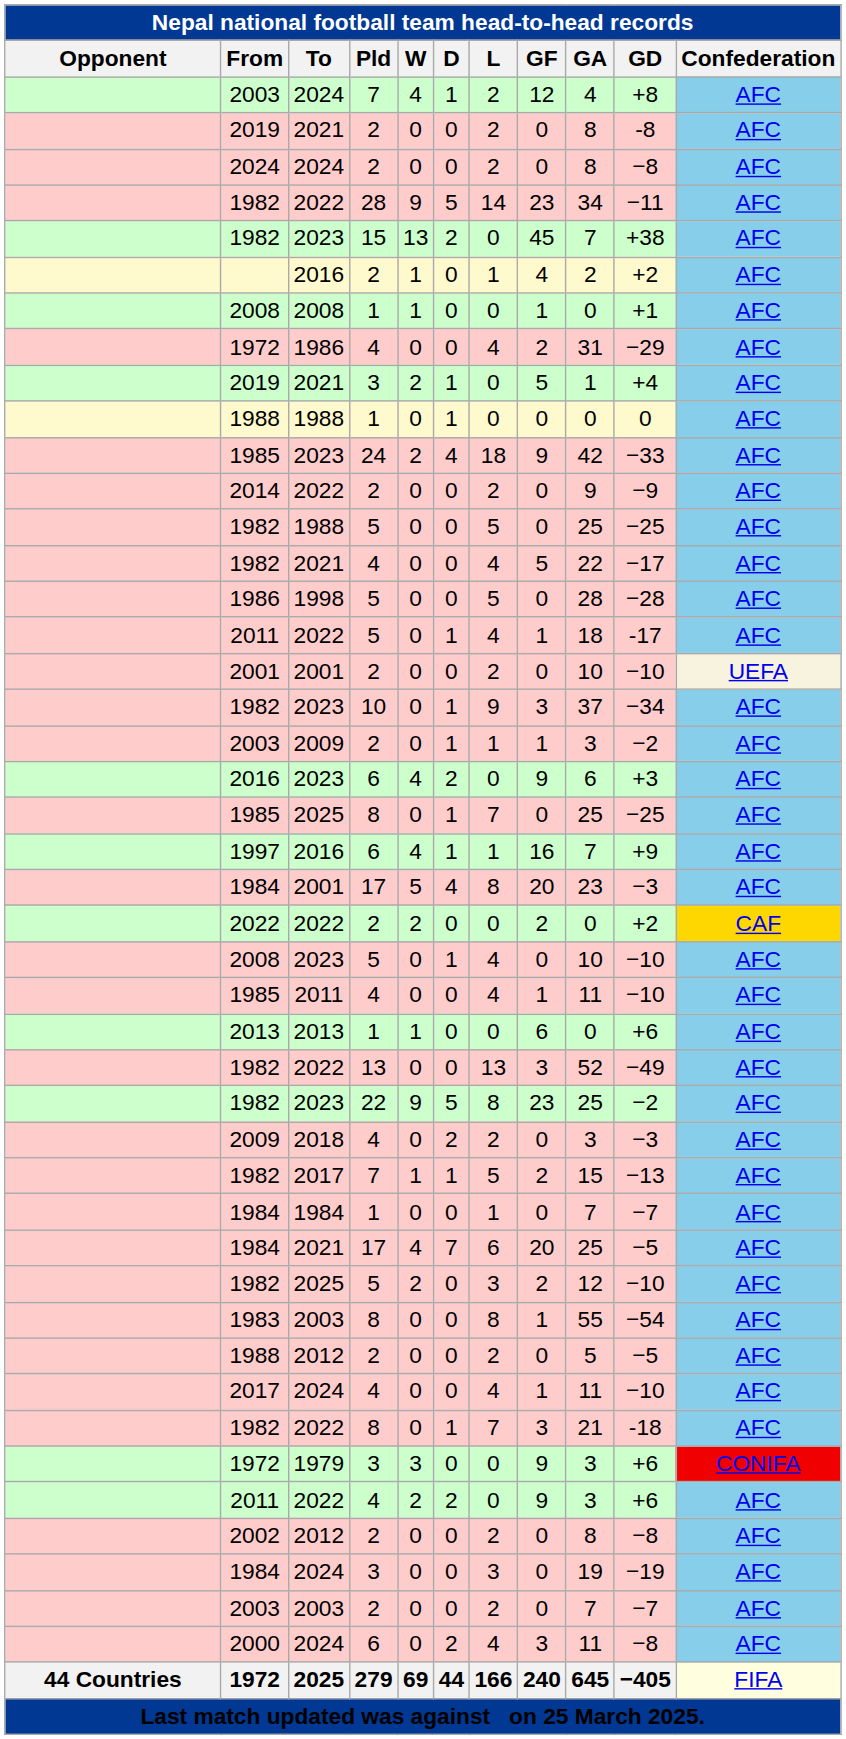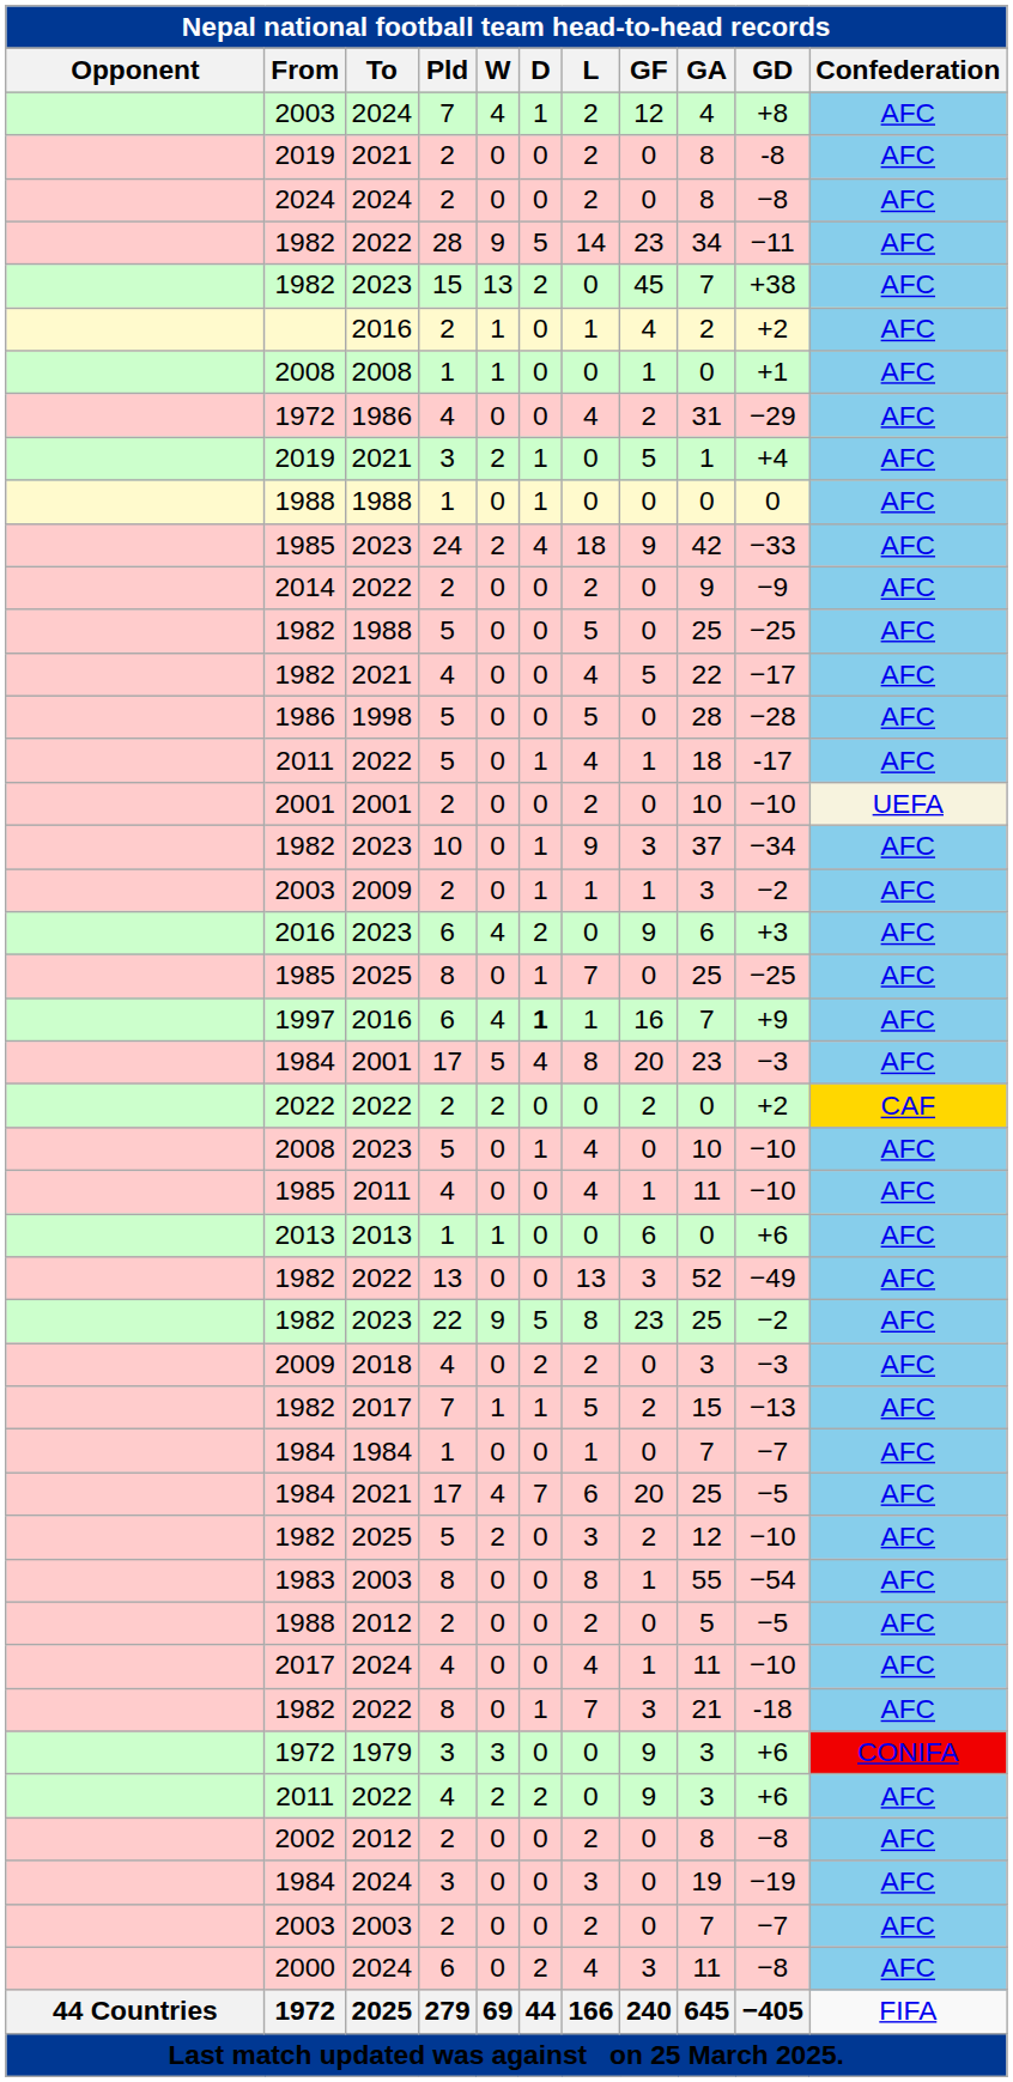 <table class="wikitable sortable" style="text-align:center">
 <tr>
 <th colspan=11 style="background: #003893; color: #FFFFFF;">Nepal national football team head-to-head records</th>
 </tr>
 <tr>
 </tr>
 <tr style="color:black">
 <th style="width:145px">Opponent</th>
 <th !style="width:1px">From</th>
 <th style="width:1px">To</th>
 <th style="width:1px">Pld</th>
 <th style="width:1px">W</th>
 <th style="width:1px">D</th>
 <th style="width:1px">L</th>
 <th style="width:1px">GF</th>
 <th style="width:1px">GA</th>
 <th style="width:1px">GD</th>
 <th style="width:1px">Confederation</th>
 </tr>
 <tr bgcolor=#CCFFCC>
 <td style="text-align:left;"></td>
 <td>2003</td>
 <td>2024</td>
 <td>7</td>
 <td>4</td>
 <td>1</td>
 <td>2</td>
 <td>12</td>
 <td>4</td>
 <td>+8</td>
 <td bgcolor=#87CEEB><a href='#'>AFC</a></td>
 </tr>
 <tr bgcolor=#FFCCCC>
 <td style="text-align:left;"></td>
 <td>2019</td>
 <td>2021</td>
 <td>2</td>
 <td>0</td>
 <td>0</td>
 <td>2</td>
 <td>0</td>
 <td>8</td>
 <td>-8</td>
 <td bgcolor=#87CEEB><a href='#'>AFC</a></td>
 </tr>
 <tr bgcolor=#FFCCCC>
 <td style="text-align:left;"></td>
 <td>2024</td>
 <td>2024</td>
 <td>2</td>
 <td>0</td>
 <td>0</td>
 <td>2</td>
 <td>0</td>
 <td>8</td>
 <td>−8</td>
 <td bgcolor=#87CEEB><a href='#'>AFC</a></td>
 </tr>
 <tr bgcolor="#FFCCCC">
 <td style="text-align:left;"></td>
 <td>1982</td>
 <td>2022</td>
 <td>28</td>
 <td>9</td>
 <td>5</td>
 <td>14</td>
 <td>23</td>
 <td>34</td>
 <td>−11</td>
 <td bgcolor=#87CEEB><a href='#'>AFC</a></td>
 </tr>
 <tr bgcolor="#CCFFCC">
 <td style="text-align:left;"></td>
 <td>1982</td>
 <td>2023</td>
 <td>15</td>
 <td>13</td>
 <td>2</td>
 <td>0</td>
 <td>45</td>
 <td>7</td>
 <td>+38</td>
 <td bgcolor=#87CEEB><a href='#'>AFC</a></td>
 </tr>
 <tr bgcolor="#FFFACD">
 <td style="text-align:left;"></td>
 <td></td>
 <td>2016</td>
 <td>2</td>
 <td>1</td>
 <td>0</td>
 <td>1</td>
 <td>4</td>
 <td>2</td>
 <td>+2</td>
 <td bgcolor=#87CEEB><a href='#'>AFC</a></td>
 </tr>
 <tr bgcolor="#CCFFCC">
 <td style="text-align:left;"></td>
 <td>2008</td>
 <td>2008</td>
 <td>1</td>
 <td>1</td>
 <td>0</td>
 <td>0</td>
 <td>1</td>
 <td>0</td>
 <td>+1</td>
 <td bgcolor=#87CEEB><a href='#'>AFC</a></td>
 </tr>
 <tr bgcolor="#FFCCCC">
 <td style="text-align:left;"></td>
 <td>1972</td>
 <td>1986</td>
 <td>4</td>
 <td>0</td>
 <td>0</td>
 <td>4</td>
 <td>2</td>
 <td>31</td>
 <td>−29</td>
 <td bgcolor=#87CEEB><a href='#'>AFC</a></td>
 </tr>
 <tr bgcolor="#CCFFCC">
 <td style="text-align:left;"></td>
 <td>2019</td>
 <td>2021</td>
 <td>3</td>
 <td>2</td>
 <td>1</td>
 <td>0</td>
 <td>5</td>
 <td>1</td>
 <td>+4</td>
 <td bgcolor=#87CEEB><a href='#'>AFC</a></td>
 </tr>
 <tr bgcolor="#FFFACD">
 <td style="text-align:left;"></td>
 <td>1988</td>
 <td>1988</td>
 <td>1</td>
 <td>0</td>
 <td>1</td>
 <td>0</td>
 <td>0</td>
 <td>0</td>
 <td>0</td>
 <td bgcolor=#87CEEB><a href='#'>AFC</a></td>
 </tr>
 <tr bgcolor="#FFCCCC">
 <td style="text-align:left;"></td>
 <td>1985</td>
 <td>2023</td>
 <td>24</td>
 <td>2</td>
 <td>4</td>
 <td>18</td>
 <td>9</td>
 <td>42</td>
 <td>−33</td>
 <td bgcolor=#87CEEB><a href='#'>AFC</a></td>
 </tr>
 <tr bgcolor="#FFCCCC">
 <td style="text-align:left;"></td>
 <td>2014</td>
 <td>2022</td>
 <td>2</td>
 <td>0</td>
 <td>0</td>
 <td>2</td>
 <td>0</td>
 <td>9</td>
 <td>−9</td>
 <td bgcolor=#87CEEB><a href='#'>AFC</a></td>
 </tr>
 <tr bgcolor="#FFCCCC">
 <td style="text-align:left;"></td>
 <td>1982</td>
 <td>1988</td>
 <td>5</td>
 <td>0</td>
 <td>0</td>
 <td>5</td>
 <td>0</td>
 <td>25</td>
 <td>−25</td>
 <td bgcolor=#87CEEB><a href='#'>AFC</a></td>
 </tr>
 <tr bgcolor="#FFCCCC">
 <td style="text-align:left;"></td>
 <td>1982</td>
 <td>2021</td>
 <td>4</td>
 <td>0</td>
 <td>0</td>
 <td>4</td>
 <td>5</td>
 <td>22</td>
 <td>−17</td>
 <td bgcolor=#87CEEB><a href='#'>AFC</a></td>
 </tr>
 <tr bgcolor="#FFCCCC">
 <td style="text-align:left;"></td>
 <td>1986</td>
 <td>1998</td>
 <td>5</td>
 <td>0</td>
 <td>0</td>
 <td>5</td>
 <td>0</td>
 <td>28</td>
 <td>−28</td>
 <td bgcolor=#87CEEB><a href='#'>AFC</a></td>
 </tr>
 <tr bgcolor="#FFCCCC">
 <td style="text-align:left;"></td>
 <td>2011</td>
 <td>2022</td>
 <td>5</td>
 <td>0</td>
 <td>1</td>
 <td>4</td>
 <td>1</td>
 <td>18</td>
 <td>-17</td>
 <td bgcolor=#87CEEB><a href='#'>AFC</a></td>
 </tr>
 <tr bgcolor="#FFCCCC">
 <td style="text-align:left;"></td>
 <td>2001</td>
 <td>2001</td>
 <td>2</td>
 <td>0</td>
 <td>0</td>
 <td>2</td>
 <td>0</td>
 <td>10</td>
 <td>−10</td>
 <td bgcolor=#F7F3DE><a href='#'>UEFA</a></td>
 </tr>
 <tr bgcolor="#FFCCCC">
 <td style="text-align:left;"></td>
 <td>1982</td>
 <td>2023</td>
 <td>10</td>
 <td>0</td>
 <td>1</td>
 <td>9</td>
 <td>3</td>
 <td>37</td>
 <td>−34</td>
 <td bgcolor=#87CEEB><a href='#'>AFC</a></td>
 </tr>
 <tr bgcolor="#FFCCCC">
 <td style="text-align:left;"></td>
 <td>2003</td>
 <td>2009</td>
 <td>2</td>
 <td>0</td>
 <td>1</td>
 <td>1</td>
 <td>1</td>
 <td>3</td>
 <td>−2</td>
 <td bgcolor=#87CEEB><a href='#'>AFC</a></td>
 </tr>
 <tr bgcolor="#CCFFCC">
 <td style="text-align:left;"></td>
 <td>2016</td>
 <td>2023</td>
 <td>6</td>
 <td>4</td>
 <td>2</td>
 <td>0</td>
 <td>9</td>
 <td>6</td>
 <td>+3</td>
 <td bgcolor=#87CEEB><a href='#'>AFC</a></td>
 </tr>
 <tr bgcolor="#FFCCCC">
 <td style="text-align:left;"></td>
 <td>1985</td>
 <td>2025</td>
 <td>8</td>
 <td>0</td>
 <td>1</td>
 <td>7</td>
 <td>0</td>
 <td>25</td>
 <td>−25</td>
 <td bgcolor=#87CEEB><a href='#'>AFC</a></td>
 </tr>
 <tr bgcolor="#CCFFCC">
 <td style="text-align:left;"></td>
 <td>1997</td>
 <td>2016</td>
 <td>6</td>
 <td>4</td>
-<td>1</td>
+<td><strong>1</strong></td>
 <td>1</td>
 <td>16</td>
 <td>7</td>
 <td>+9</td>
 <td bgcolor=#87CEEB><a href='#'>AFC</a></td>
 </tr>
 <tr bgcolor="#FFCCCC">
 <td style="text-align:left;"></td>
 <td>1984</td>
 <td>2001</td>
 <td>17</td>
 <td>5</td>
 <td>4</td>
 <td>8</td>
 <td>20</td>
 <td>23</td>
 <td>−3</td>
 <td bgcolor=#87CEEB><a href='#'>AFC</a></td>
 </tr>
 <tr bgcolor="#CCFFCC">
 <td style="text-align:left;"></td>
 <td>2022</td>
 <td>2022</td>
 <td>2</td>
 <td>2</td>
 <td>0</td>
 <td>0</td>
 <td>2</td>
 <td>0</td>
 <td>+2</td>
 <td bgcolor=#ffd700><a href='#'>CAF</a></td>
 </tr>
 <tr bgcolor="#FFCCCC">
 <td style="text-align:left;"></td>
 <td>2008</td>
 <td>2023</td>
 <td>5</td>
 <td>0</td>
 <td>1</td>
 <td>4</td>
 <td>0</td>
 <td>10</td>
 <td>−10</td>
 <td bgcolor=#87CEEB><a href='#'>AFC</a></td>
 </tr>
 <tr bgcolor="#FFCCCC">
 <td style="text-align:left;"></td>
 <td>1985</td>
 <td>2011</td>
 <td>4</td>
 <td>0</td>
 <td>0</td>
 <td>4</td>
 <td>1</td>
 <td>11</td>
 <td>−10</td>
 <td bgcolor=#87CEEB><a href='#'>AFC</a></td>
 </tr>
 <tr bgcolor="#CCFFCC">
 <td style="text-align:left;"></td>
 <td>2013</td>
 <td>2013</td>
 <td>1</td>
 <td>1</td>
 <td>0</td>
 <td>0</td>
 <td>6</td>
 <td>0</td>
 <td>+6</td>
 <td bgcolor=#87CEEB><a href='#'>AFC</a></td>
 </tr>
 <tr bgcolor="#FFCCCC">
 <td style="text-align:left;"></td>
 <td>1982</td>
 <td>2022</td>
 <td>13</td>
 <td>0</td>
 <td>0</td>
 <td>13</td>
 <td>3</td>
 <td>52</td>
 <td>−49</td>
 <td bgcolor=#87CEEB><a href='#'>AFC</a></td>
 </tr>
 <tr bgcolor="CCFFCC">
 <td style="text-align:left;"></td>
 <td>1982</td>
 <td>2023</td>
 <td>22</td>
 <td>9</td>
 <td>5</td>
 <td>8</td>
 <td>23</td>
 <td>25</td>
 <td>−2</td>
 <td bgcolor=#87CEEB><a href='#'>AFC</a></td>
 </tr>
 <tr bgcolor="#FFCCCC">
 <td style="text-align:left;"></td>
 <td>2009</td>
 <td>2018</td>
 <td>4</td>
 <td>0</td>
 <td>2</td>
 <td>2</td>
 <td>0</td>
 <td>3</td>
 <td>−3</td>
 <td bgcolor=#87CEEB><a href='#'>AFC</a></td>
 </tr>
 <tr bgcolor="#FFCCCC">
 <td style="text-align:left;"></td>
 <td>1982</td>
 <td>2017</td>
 <td>7</td>
 <td>1</td>
 <td>1</td>
 <td>5</td>
 <td>2</td>
 <td>15</td>
 <td>−13</td>
 <td bgcolor=#87CEEB><a href='#'>AFC</a></td>
 </tr>
 <tr bgcolor="#FFCCCC">
 <td style="text-align:left;"></td>
 <td>1984</td>
 <td>1984</td>
 <td>1</td>
 <td>0</td>
 <td>0</td>
 <td>1</td>
 <td>0</td>
 <td>7</td>
 <td>−7</td>
 <td bgcolor=#87CEEB><a href='#'>AFC</a></td>
 </tr>
 <tr bgcolor="#FFCCCC">
 <td style="text-align:left;"></td>
 <td>1984</td>
 <td>2021</td>
 <td>17</td>
 <td>4</td>
 <td>7</td>
 <td>6</td>
 <td>20</td>
 <td>25</td>
 <td>−5</td>
 <td bgcolor=#87CEEB><a href='#'>AFC</a></td>
 </tr>
 <tr bgcolor="#FFCCCC">
 <td style="text-align:left;"></td>
 <td>1982</td>
 <td>2025</td>
 <td>5</td>
 <td>2</td>
 <td>0</td>
 <td>3</td>
 <td>2</td>
 <td>12</td>
 <td>−10</td>
 <td bgcolor=#87CEEB><a href='#'>AFC</a></td>
 </tr>
 <tr bgcolor="#FFCCCC">
 <td style="text-align:left;"></td>
 <td>1983</td>
 <td>2003</td>
 <td>8</td>
 <td>0</td>
 <td>0</td>
 <td>8</td>
 <td>1</td>
 <td>55</td>
 <td>−54</td>
 <td bgcolor=#87CEEB><a href='#'>AFC</a></td>
 </tr>
 <tr bgcolor="#FFCCCC">
 <td style="text-align:left;"></td>
 <td>1988</td>
 <td>2012</td>
 <td>2</td>
 <td>0</td>
 <td>0</td>
 <td>2</td>
 <td>0</td>
 <td>5</td>
 <td>−5</td>
 <td bgcolor=#87CEEB><a href='#'>AFC</a></td>
 </tr>
 <tr bgcolor="#FFCCCC">
 <td style="text-align:left;"></td>
 <td>2017</td>
 <td>2024</td>
 <td>4</td>
 <td>0</td>
 <td>0</td>
 <td>4</td>
 <td>1</td>
 <td>11</td>
 <td>−10</td>
 <td bgcolor=#87CEEB><a href='#'>AFC</a></td>
 </tr>
 <tr bgcolor="#FFCCCC">
 <td style="text-align:left;"></td>
 <td>1982</td>
 <td>2022</td>
 <td>8</td>
 <td>0</td>
 <td>1</td>
 <td>7</td>
 <td>3</td>
 <td>21</td>
 <td>-18</td>
 <td bgcolor=#87CEEB><a href='#'>AFC</a></td>
 </tr>
 <tr bgcolor="#CCFFCC">
 <td style="text-align:left;"></td>
 <td>1972</td>
 <td>1979</td>
 <td>3</td>
 <td>3</td>
 <td>0</td>
 <td>0</td>
 <td>9</td>
 <td>3</td>
 <td>+6</td>
 <td bgcolor=#FGHOO1><a href='#'>CONIFA</a></td>
 </tr>
 <tr bgcolor="#CCFFCC">
 <td style="text-align:left;"></td>
 <td>2011</td>
 <td>2022</td>
 <td>4</td>
 <td>2</td>
 <td>2</td>
 <td>0</td>
 <td>9</td>
 <td>3</td>
 <td>+6</td>
 <td bgcolor=#87CEEB><a href='#'>AFC</a></td>
 </tr>
 <tr bgcolor="#FFCCCC">
 <td style="text-align:left;"></td>
 <td>2002</td>
 <td>2012</td>
 <td>2</td>
 <td>0</td>
 <td>0</td>
 <td>2</td>
 <td>0</td>
 <td>8</td>
 <td>−8</td>
 <td bgcolor=#87CEEB><a href='#'>AFC</a></td>
 </tr>
 <tr bgcolor="#FFCCCC">
 <td style="text-align:left;"></td>
 <td>1984</td>
 <td>2024</td>
 <td>3</td>
 <td>0</td>
 <td>0</td>
 <td>3</td>
 <td>0</td>
 <td>19</td>
 <td>−19</td>
 <td bgcolor=#87CEEB><a href='#'>AFC</a></td>
 </tr>
 <tr bgcolor="#FFCCCC">
 <td style="text-align:left;"></td>
 <td>2003</td>
 <td>2003</td>
 <td>2</td>
 <td>0</td>
 <td>0</td>
 <td>2</td>
 <td>0</td>
 <td>7</td>
 <td>−7</td>
 <td bgcolor=#87CEEB><a href='#'>AFC</a></td>
 </tr>
 <tr bgcolor="#FFCCCC">
 <td style="text-align:left;"></td>
 <td>2000</td>
 <td>2024</td>
 <td>6</td>
 <td>0</td>
 <td>2</td>
 <td>4</td>
 <td>3</td>
 <td>11</td>
 <td>−8</td>
 <td bgcolor=#87CEEB><a href='#'>AFC</a></td>
 </tr>
 <tr class="sortbottom">
 <th>44 Countries</th>
 <th>1972</th>
 <th>2025</th>
 <th>279</th>
 <th>69</th>
 <th>44</th>
 <th>166</th>
 <th>240</th>
 <th>645</th>
 <th>−405</th>
-<td style="background: lightyellow;"><a href='#'>FIFA</a></td>
+<td><a href='#'>FIFA</a></td>
 </tr>
 <tr>
 <th colspan=11 style="background-color:#003893"><span>Last match updated was against   </span> <span>on 25 March 2025.</span></th>
 </tr>
 </table>
